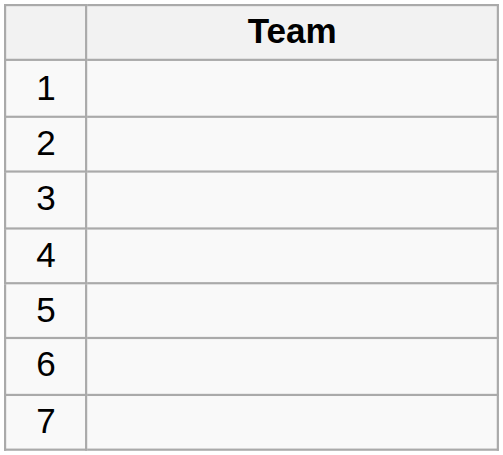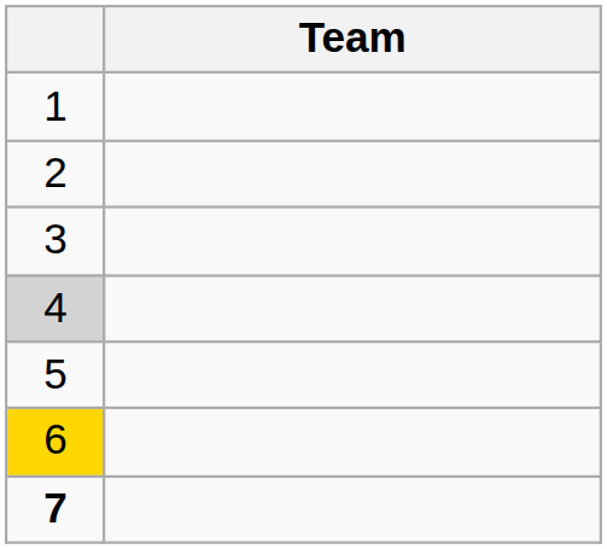 <table class="wikitable" style="text-align: center; font-size: 100%;">
 <tr>
 <th width="30"></th>
 <th width="180">Team</th>
 </tr>
 <tr>
 <td>1</td>
 <td align=left><em></em></td>
 </tr>
 <tr>
 <td>2</td>
 <td align=left><em></em></td>
 </tr>
 <tr>
 <td>3</td>
 <td align=left></td>
 </tr>
 <tr>
-<td>4</td>
+<td style="background: lightgrey;">4</td>
 <td align=left></td>
 </tr>
 <tr>
 <td>5</td>
 <td align=left><em></em></td>
 </tr>
 <tr>
-<td>6</td>
+<td style="background: gold;">6</td>
 <td align=left><em></em></td>
 </tr>
 <tr>
-<td>7</td>
+<td><strong>7</strong></td>
 <td align=left></td>
 </tr>
 </table>
